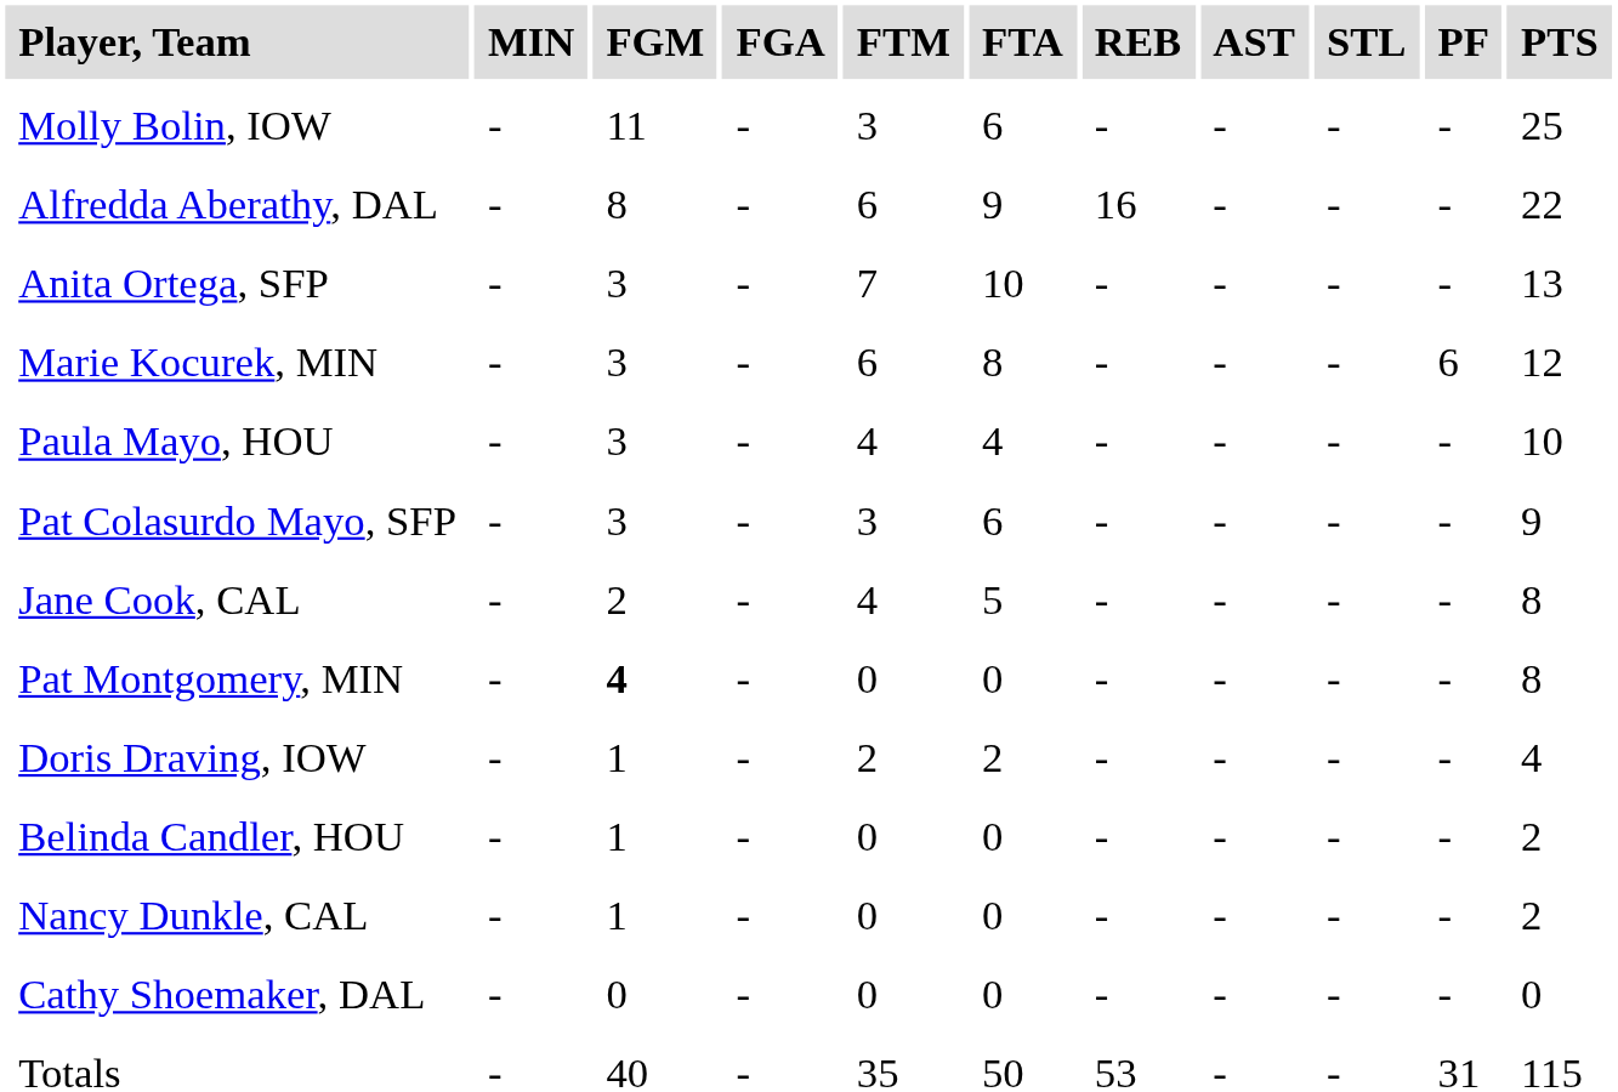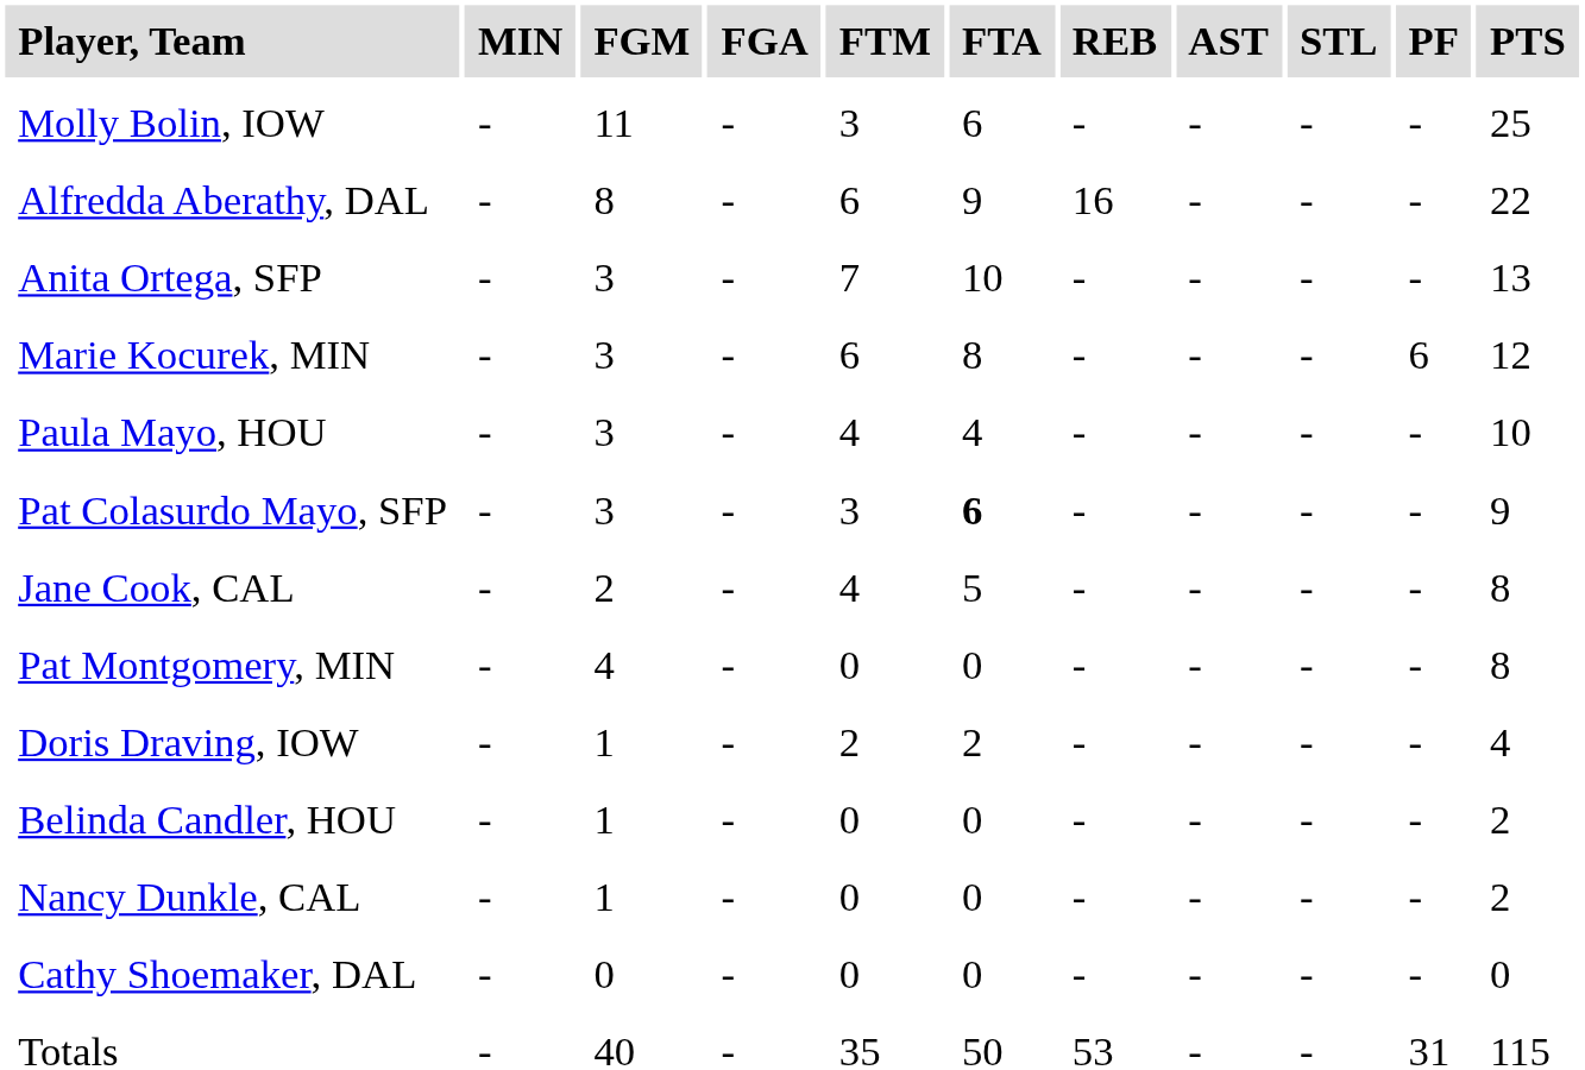 <table cellpadding=5>
 <tr bgcolor="#dddddd">
 <td><strong>Player, Team</strong></td>
 <td><strong>MIN</strong></td>
 <td><strong>FGM</strong></td>
 <td><strong>FGA</strong></td>
 <td><strong>FTM</strong></td>
 <td><strong>FTA</strong></td>
 <td><strong>REB</strong></td>
 <td><strong>AST</strong></td>
 <td><strong>STL</strong></td>
 <td><strong>PF</strong></td>
 <td><strong>PTS</strong></td>
 </tr>
 <tr bgcolor="#eeeeee">
 </tr>
 <tr>
 <td><a href='#'>Molly Bolin</a>, IOW</td>
 <td>-</td>
 <td>11</td>
 <td>-</td>
 <td>3</td>
 <td>6</td>
 <td>-</td>
 <td>-</td>
 <td>-</td>
 <td>-</td>
 <td>25</td>
 </tr>
 <tr>
 <td><a href='#'>Alfredda Aberathy</a>, DAL</td>
 <td>-</td>
 <td>8</td>
 <td>-</td>
 <td>6</td>
 <td>9</td>
 <td>16</td>
 <td>-</td>
 <td>-</td>
 <td>-</td>
 <td>22</td>
 </tr>
 <tr>
 <td><a href='#'>Anita Ortega</a>, SFP</td>
 <td>-</td>
 <td>3</td>
 <td>-</td>
 <td>7</td>
 <td>10</td>
 <td>-</td>
 <td>-</td>
 <td>-</td>
 <td>-</td>
 <td>13</td>
 </tr>
 <tr>
 <td><a href='#'>Marie Kocurek</a>, MIN</td>
 <td>-</td>
 <td>3</td>
 <td>-</td>
 <td>6</td>
 <td>8</td>
 <td>-</td>
 <td>-</td>
 <td>-</td>
 <td>6</td>
 <td>12</td>
 </tr>
 <tr>
 <td><a href='#'>Paula Mayo</a>, HOU</td>
 <td>-</td>
 <td>3</td>
 <td>-</td>
 <td>4</td>
 <td>4</td>
 <td>-</td>
 <td>-</td>
 <td>-</td>
 <td>-</td>
 <td>10</td>
 </tr>
 <tr>
 <td><a href='#'>Pat Colasurdo Mayo</a>, SFP</td>
 <td>-</td>
 <td>3</td>
 <td>-</td>
 <td>3</td>
-<td>6</td>
+<td><strong>6</strong></td>
 <td>-</td>
 <td>-</td>
 <td>-</td>
 <td>-</td>
 <td>9</td>
 </tr>
 <tr>
 <td><a href='#'>Jane Cook</a>, CAL</td>
 <td>-</td>
 <td>2</td>
 <td>-</td>
 <td>4</td>
 <td>5</td>
 <td>-</td>
 <td>-</td>
 <td>-</td>
 <td>-</td>
 <td>8</td>
 </tr>
 <tr>
 <td><a href='#'>Pat Montgomery</a>, MIN</td>
 <td>-</td>
-<td><strong>4</strong></td>
+<td>4</td>
 <td>-</td>
 <td>0</td>
 <td>0</td>
 <td>-</td>
 <td>-</td>
 <td>-</td>
 <td>-</td>
 <td>8</td>
 </tr>
 <tr>
 <td><a href='#'>Doris Draving</a>, IOW</td>
 <td>-</td>
 <td>1</td>
 <td>-</td>
 <td>2</td>
 <td>2</td>
 <td>-</td>
 <td>-</td>
 <td>-</td>
 <td>-</td>
 <td>4</td>
 </tr>
 <tr>
 <td><a href='#'>Belinda Candler</a>, HOU</td>
 <td>-</td>
 <td>1</td>
 <td>-</td>
 <td>0</td>
 <td>0</td>
 <td>-</td>
 <td>-</td>
 <td>-</td>
 <td>-</td>
 <td>2</td>
 </tr>
 <tr>
 <td><a href='#'>Nancy Dunkle</a>, CAL</td>
 <td>-</td>
 <td>1</td>
 <td>-</td>
 <td>0</td>
 <td>0</td>
 <td>-</td>
 <td>-</td>
 <td>-</td>
 <td>-</td>
 <td>2</td>
 </tr>
 <tr>
 <td><a href='#'>Cathy Shoemaker</a>, DAL</td>
 <td>-</td>
 <td>0</td>
 <td>-</td>
 <td>0</td>
 <td>0</td>
 <td>-</td>
 <td>-</td>
 <td>-</td>
 <td>-</td>
 <td>0</td>
 </tr>
 <tr>
 <td>Totals</td>
 <td>-</td>
 <td>40</td>
 <td>-</td>
 <td>35</td>
 <td>50</td>
 <td>53</td>
 <td>-</td>
 <td>-</td>
 <td>31</td>
 <td>115</td>
 </tr>
 <tr>
 </tr>
 </table>
